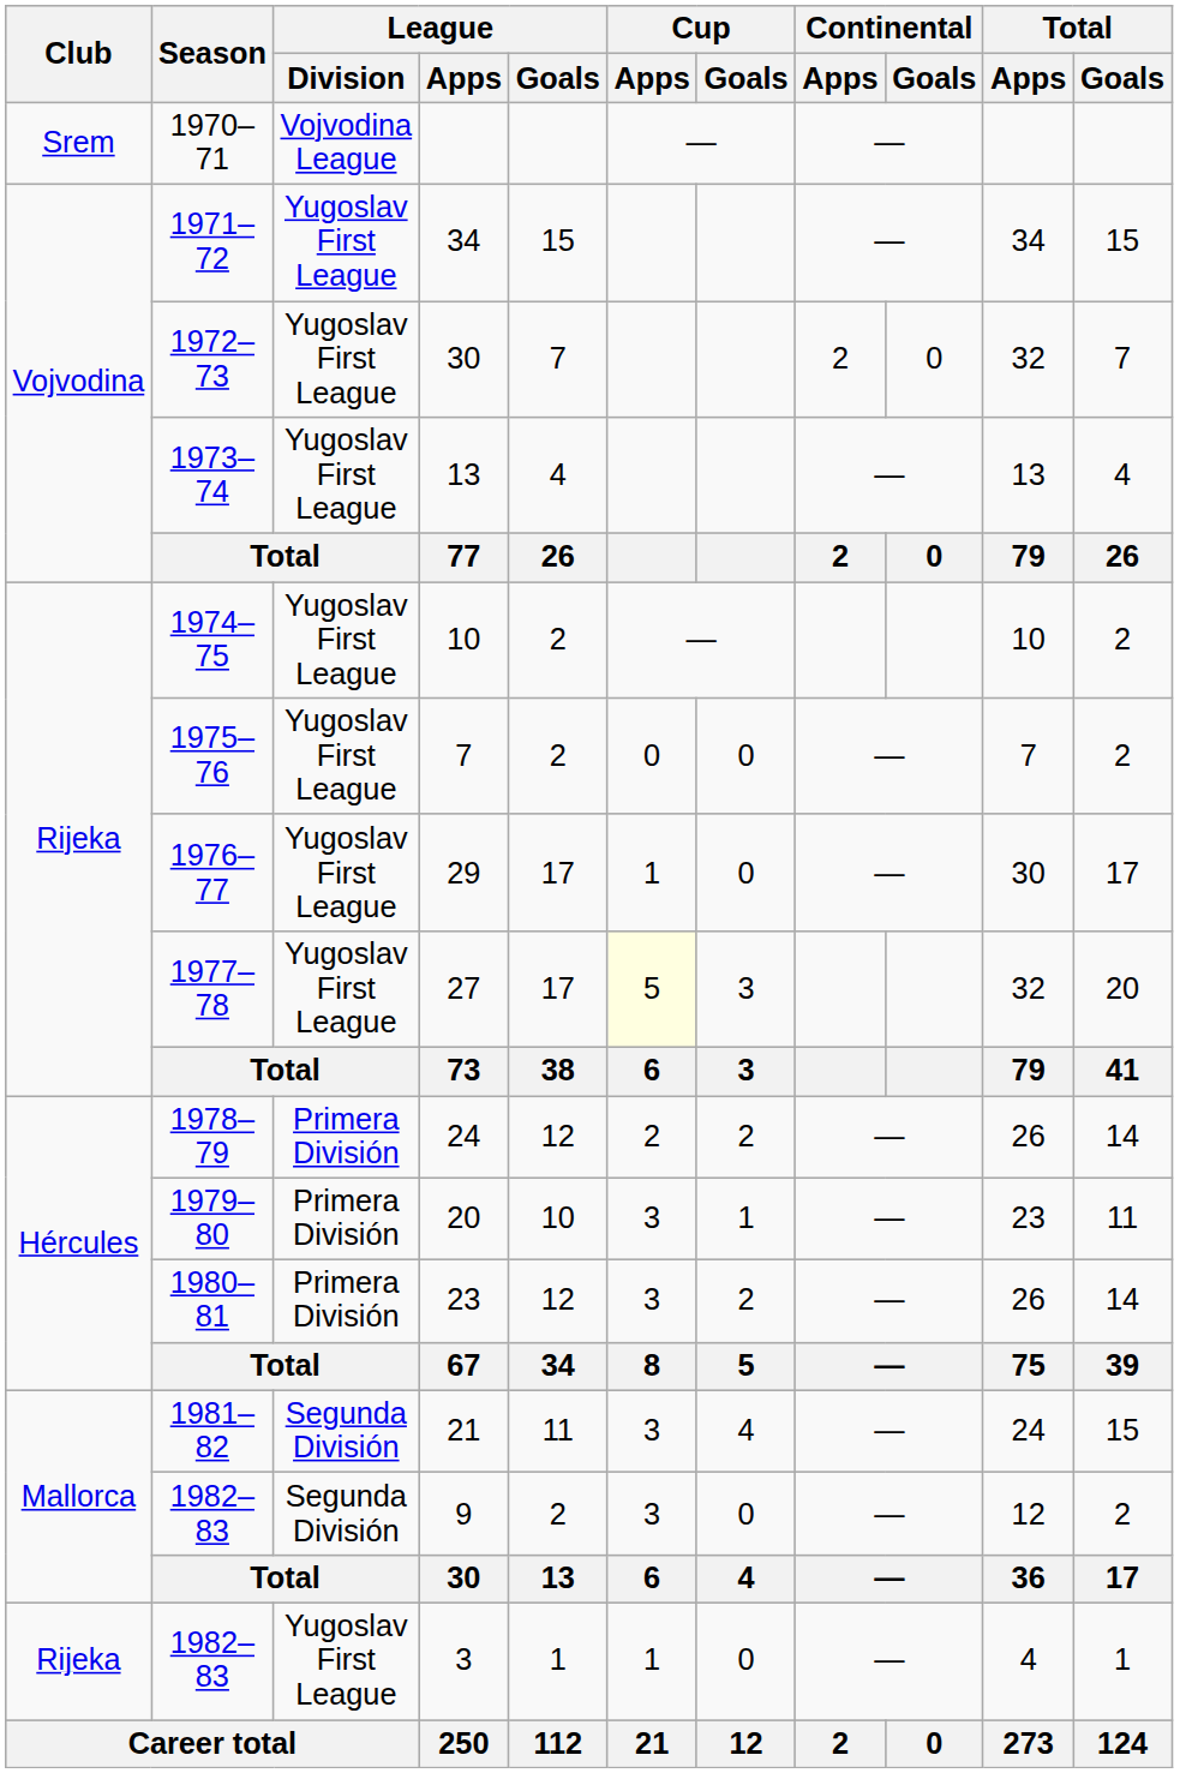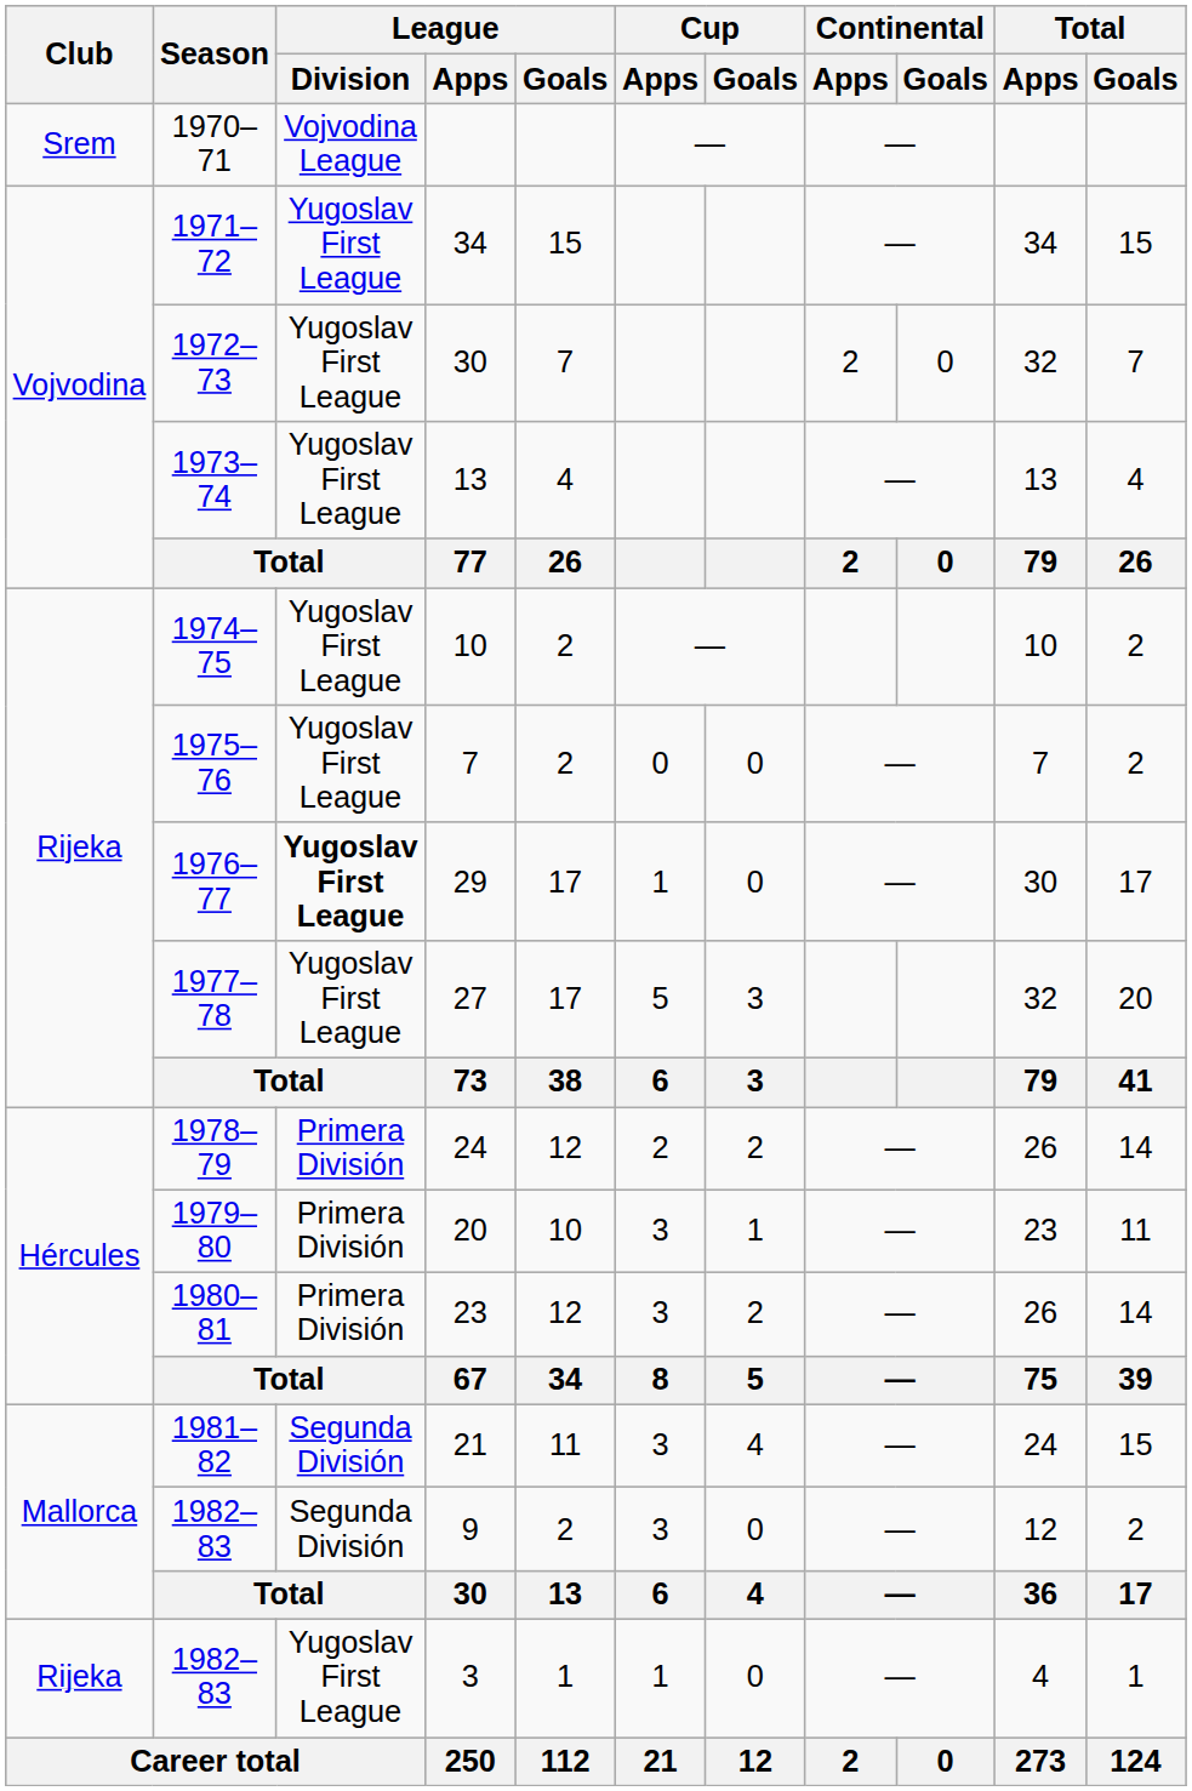 <table class="wikitable" style="text-align:center">
 <tr>
 <th rowspan="2">Club</th>
 <th rowspan="2">Season</th>
 <th colspan="3">League</th>
 <th colspan="2">Cup</th>
 <th colspan="2">Continental</th>
 <th colspan="2">Total</th>
 </tr>
 <tr>
 <th>Division</th>
 <th>Apps</th>
 <th>Goals</th>
 <th>Apps</th>
 <th>Goals</th>
 <th>Apps</th>
 <th>Goals</th>
 <th>Apps</th>
 <th>Goals</th>
 </tr>
 <tr>
 <td><a href='#'>Srem</a></td>
 <td>1970–71</td>
 <td><a href='#'>Vojvodina League</a></td>
 <td></td>
 <td></td>
 <td colspan="2">—</td>
 <td colspan="2">—</td>
 <td></td>
 <td></td>
 </tr>
 <tr>
 <td rowspan="4"><a href='#'>Vojvodina</a></td>
 <td><a href='#'>1971–72</a></td>
 <td><a href='#'>Yugoslav First League</a></td>
 <td>34</td>
 <td>15</td>
 <td></td>
 <td></td>
 <td colspan="2">—</td>
 <td>34</td>
 <td>15</td>
 </tr>
 <tr>
 <td><a href='#'>1972–73</a></td>
 <td>Yugoslav First League</td>
 <td>30</td>
 <td>7</td>
 <td></td>
 <td></td>
 <td>2</td>
 <td>0</td>
 <td>32</td>
 <td>7</td>
 </tr>
 <tr>
 <td><a href='#'>1973–74</a></td>
 <td>Yugoslav First League</td>
 <td>13</td>
 <td>4</td>
 <td></td>
 <td></td>
 <td colspan="2">—</td>
 <td>13</td>
 <td>4</td>
 </tr>
 <tr>
 <th colspan="2">Total</th>
 <th>77</th>
 <th>26</th>
 <th></th>
 <th></th>
 <th>2</th>
 <th>0</th>
 <th>79</th>
 <th>26</th>
 </tr>
 <tr>
 <td rowspan="5"><a href='#'>Rijeka</a></td>
 <td><a href='#'>1974–75</a></td>
 <td>Yugoslav First League</td>
 <td>10</td>
 <td>2</td>
 <td colspan="2">—</td>
 <td></td>
 <td></td>
 <td>10</td>
 <td>2</td>
 </tr>
 <tr>
 <td><a href='#'>1975–76</a></td>
 <td>Yugoslav First League</td>
 <td>7</td>
 <td>2</td>
 <td>0</td>
 <td>0</td>
 <td colspan="2">—</td>
 <td>7</td>
 <td>2</td>
 </tr>
 <tr>
 <td><a href='#'>1976–77</a></td>
-<td>Yugoslav First League</td>
+<td><strong>Yugoslav First League</strong></td>
 <td>29</td>
 <td>17</td>
 <td>1</td>
 <td>0</td>
 <td colspan="2">—</td>
 <td>30</td>
 <td>17</td>
 </tr>
 <tr>
 <td><a href='#'>1977–78</a></td>
 <td>Yugoslav First League</td>
 <td>27</td>
 <td>17</td>
-<td style="background: lightyellow;">5</td>
+<td>5</td>
 <td>3</td>
 <td></td>
 <td></td>
 <td>32</td>
 <td>20</td>
 </tr>
 <tr>
 <th colspan="2">Total</th>
 <th>73</th>
 <th>38</th>
 <th>6</th>
 <th>3</th>
 <th></th>
 <th></th>
 <th>79</th>
 <th>41</th>
 </tr>
 <tr>
 <td rowspan="4"><a href='#'>Hércules</a></td>
 <td><a href='#'>1978–79</a></td>
 <td><a href='#'>Primera División</a></td>
 <td>24</td>
 <td>12</td>
 <td>2</td>
 <td>2</td>
 <td colspan="2">—</td>
 <td>26</td>
 <td>14</td>
 </tr>
 <tr>
 <td><a href='#'>1979–80</a></td>
 <td>Primera División</td>
 <td>20</td>
 <td>10</td>
 <td>3</td>
 <td>1</td>
 <td colspan="2">—</td>
 <td>23</td>
 <td>11</td>
 </tr>
 <tr>
 <td><a href='#'>1980–81</a></td>
 <td>Primera División</td>
 <td>23</td>
 <td>12</td>
 <td>3</td>
 <td>2</td>
 <td colspan="2">—</td>
 <td>26</td>
 <td>14</td>
 </tr>
 <tr>
 <th colspan="2">Total</th>
 <th>67</th>
 <th>34</th>
 <th>8</th>
 <th>5</th>
 <th colspan="2">—</th>
 <th>75</th>
 <th>39</th>
 </tr>
 <tr>
 <td rowspan="3"><a href='#'>Mallorca</a></td>
 <td><a href='#'>1981–82</a></td>
 <td><a href='#'>Segunda División</a></td>
 <td>21</td>
 <td>11</td>
 <td>3</td>
 <td>4</td>
 <td colspan="2">—</td>
 <td>24</td>
 <td>15</td>
 </tr>
 <tr>
 <td><a href='#'>1982–83</a></td>
 <td>Segunda División</td>
 <td>9</td>
 <td>2</td>
 <td>3</td>
 <td>0</td>
 <td colspan="2">—</td>
 <td>12</td>
 <td>2</td>
 </tr>
 <tr>
 <th colspan="2">Total</th>
 <th>30</th>
 <th>13</th>
 <th>6</th>
 <th>4</th>
 <th colspan="2">—</th>
 <th>36</th>
 <th>17</th>
 </tr>
 <tr>
 <td><a href='#'>Rijeka</a></td>
 <td><a href='#'>1982–83</a></td>
 <td>Yugoslav First League</td>
 <td>3</td>
 <td>1</td>
 <td>1</td>
 <td>0</td>
 <td colspan="2">—</td>
 <td>4</td>
 <td>1</td>
 </tr>
 <tr>
 <th colspan="3">Career total</th>
 <th>250</th>
 <th>112</th>
 <th>21</th>
 <th>12</th>
 <th>2</th>
 <th>0</th>
 <th>273</th>
 <th>124</th>
 </tr>
 </table>
